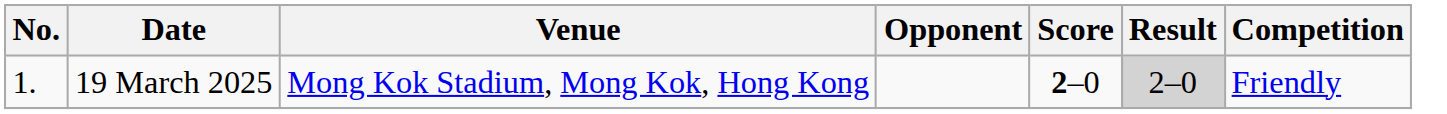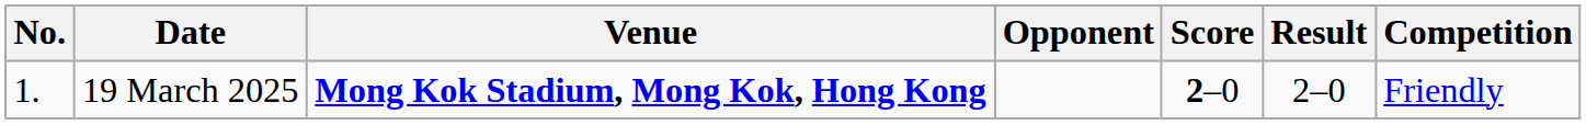 <table class="wikitable">
 <tr>
 <th>No.</th>
 <th>Date</th>
 <th>Venue</th>
 <th>Opponent</th>
 <th>Score</th>
 <th>Result</th>
 <th>Competition</th>
 </tr>
 <tr>
 <td>1.</td>
 <td>19 March 2025</td>
-<td><a href='#'>Mong Kok Stadium</a>, <a href='#'>Mong Kok</a>, <a href='#'>Hong Kong</a></td>
+<td><strong><a href='#'>Mong Kok Stadium</a>, <a href='#'>Mong Kok</a>, <a href='#'>Hong Kong</a></strong></td>
 <td></td>
 <td align=center><strong>2</strong>–0</td>
-<td align=center style="background: lightgrey;">2–0</td>
+<td align=center>2–0</td>
 <td><a href='#'>Friendly</a></td>
 </tr>
 <tr>
 </tr>
 </table>
